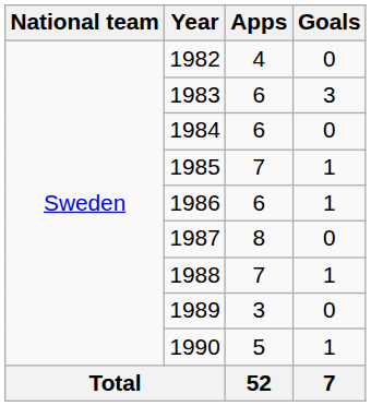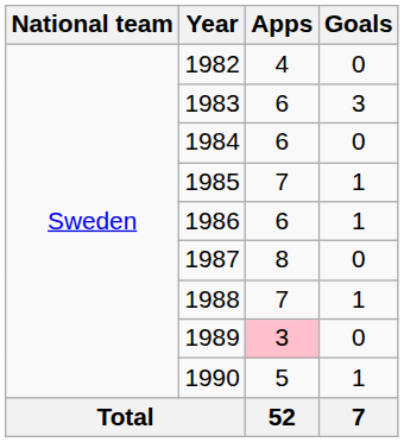 <table class="wikitable" style="text-align:center">
 <tr>
 <th>National team</th>
 <th>Year</th>
 <th>Apps</th>
 <th>Goals</th>
 </tr>
 <tr>
 <td rowspan="9"><a href='#'>Sweden</a></td>
 <td>1982</td>
 <td>4</td>
 <td>0</td>
 </tr>
 <tr>
 <td>1983</td>
 <td>6</td>
 <td>3</td>
 </tr>
 <tr>
 <td>1984</td>
 <td>6</td>
 <td>0</td>
 </tr>
 <tr>
 <td>1985</td>
 <td>7</td>
 <td>1</td>
 </tr>
 <tr>
 <td>1986</td>
 <td>6</td>
 <td>1</td>
 </tr>
 <tr>
 <td>1987</td>
 <td>8</td>
 <td>0</td>
 </tr>
 <tr>
 <td>1988</td>
 <td>7</td>
 <td>1</td>
 </tr>
 <tr>
 <td>1989</td>
-<td>3</td>
+<td style="background: pink;">3</td>
 <td>0</td>
 </tr>
 <tr>
 <td>1990</td>
 <td>5</td>
 <td>1</td>
 </tr>
 <tr>
 <th colspan="2">Total</th>
 <th>52</th>
 <th>7</th>
 </tr>
 </table>
